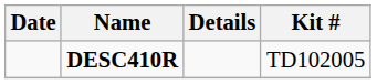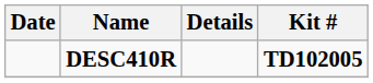 <table class="wikitable">
 <tr>
 <th>Date</th>
 <th>Name</th>
 <th>Details</th>
 <th>Kit #</th>
 </tr>
 <tr>
 <td></td>
 <td><strong>DESC410R</strong></td>
 <td></td>
-<td>TD102005</td>
+<td><strong>TD102005</strong></td>
 </tr>
 <tr>
 </tr>
 </table>
